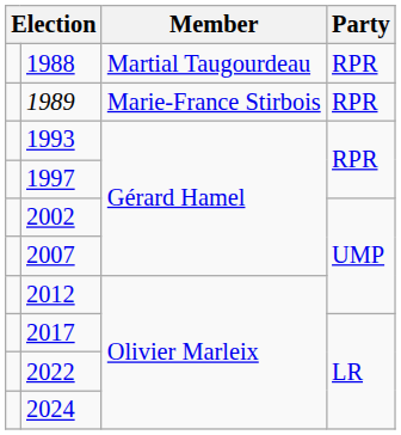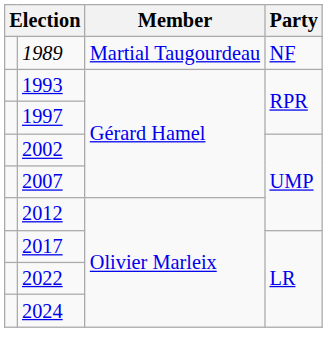 <table class="wikitable">
 <tr>
 <th colspan=2>Election</th>
 <th>Member</th>
 <th>Party</th>
 </tr>
 <tr>
 <td style="background-color: "></td>
-<td><a href='#'>1988</a></td>
+<td><em>1989</em></td>
 <td><a href='#'>Martial Taugourdeau</a></td>
-<td><a href='#'>RPR</a></td>
-</tr>
-<tr>
-<td style="background-color: "></td>
-<td><em>1989</em></td>
-<td><a href='#'>Marie-France Stirbois</a></td>
-<td><a href='#'>RPR</a></td>
+<td><a href='#'>NF</a></td>
 </tr>
 <tr>
 <td style="background-color: "></td>
 <td><a href='#'>1993</a></td>
 <td rowspan="4"><a href='#'>Gérard Hamel</a></td>
 <td rowspan="2"><a href='#'>RPR</a></td>
 </tr>
 <tr>
 <td style="color:inherit;background-color: "></td>
 <td><a href='#'>1997</a></td>
 </tr>
 <tr>
 <td style="background-color: "></td>
 <td><a href='#'>2002</a></td>
 <td rowspan="3"><a href='#'>UMP</a></td>
 </tr>
 <tr>
 <td style="color:inherit;background-color: "></td>
 <td><a href='#'>2007</a></td>
 </tr>
 <tr>
 <td style="background-color: "></td>
 <td><a href='#'>2012</a></td>
 <td rowspan="4"><a href='#'>Olivier Marleix</a></td>
 </tr>
 <tr>
 <td style="background-color: "></td>
 <td><a href='#'>2017</a></td>
 <td rowspan="3"><a href='#'>LR</a></td>
 </tr>
 <tr>
 <td style="color:inherit;background-color: "></td>
 <td><a href='#'>2022</a></td>
 </tr>
 <tr>
 <td style="color:inherit;background-color: "></td>
 <td><a href='#'>2024</a></td>
 </tr>
 </table>
